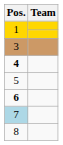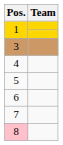 <table class="wikitable">
 <tr>
 <th width=>Pos.</th>
 <th width=>Team</th>
 </tr>
 <tr style="background:gold;">
 <td rowspan='2' align=center>1</td>
 <td></td>
 </tr>
 <tr style="background:gold;">
 <td></td>
 </tr>
 <tr style="background:#cc9966;">
 <td align=center>3</td>
 <td></td>
 </tr>
 <tr>
-<td align=center><strong>4</strong></td>
+<td align=center>4</td>
 <td></td>
 </tr>
 <tr>
 <td align=center>5</td>
 <td></td>
 </tr>
 <tr>
-<td align=center><strong>6</strong></td>
+<td align=center>6</td>
 <td></td>
 </tr>
 <tr>
-<td align=center style="background: lightblue;">7</td>
+<td align=center>7</td>
 <td></td>
 </tr>
 <tr>
-<td align=center>8</td>
+<td align=center style="background: pink;">8</td>
 <td></td>
 </tr>
 </table>
